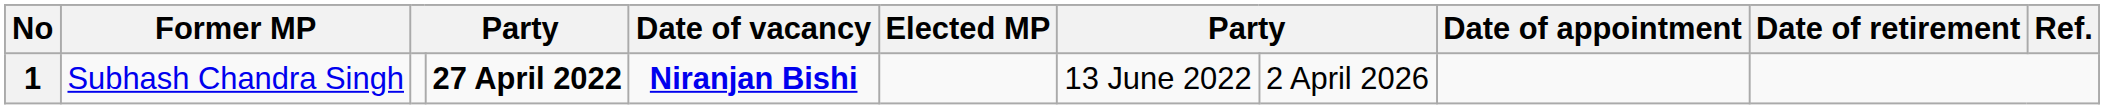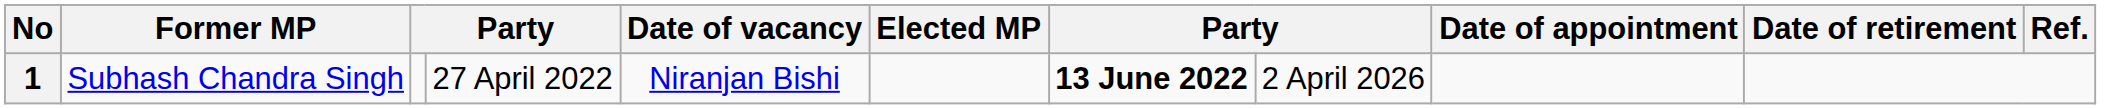 <table class="wikitable">
 <tr>
 <th>No</th>
 <th>Former MP</th>
 <th colspan="2">Party</th>
 <th>Date of vacancy</th>
 <th>Elected MP</th>
 <th colspan="2">Party</th>
 <th><strong>Date of appointment</strong></th>
 <th>Date of retirement</th>
 <th>Ref.</th>
 </tr>
 <tr style="text-align:center;">
 <th>1</th>
 <td><a href='#'>Subhash Chandra Singh</a></td>
 <td></td>
-<td><strong>27 April 2022</strong></td>
-<td><strong><a href='#'>Niranjan Bishi</a></strong></td>
+<td>27 April 2022</td>
+<td><a href='#'>Niranjan Bishi</a></td>
 <td></td>
-<td>13 June 2022</td>
+<td><strong>13 June 2022</strong></td>
 <td>2 April 2026</td>
 <td></td>
 </tr>
 </table>
